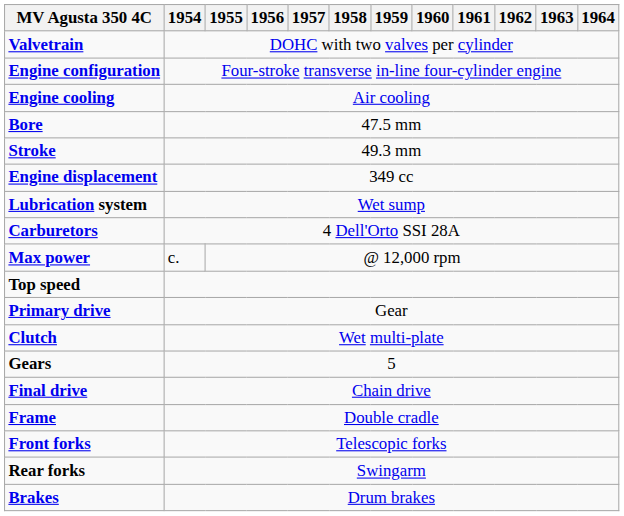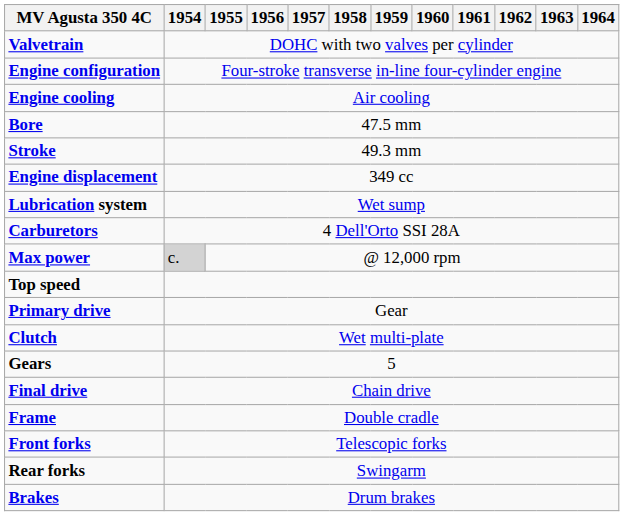 <table class="wikitable">
 <tr>
 <th>MV Agusta 350 4C</th>
 <th>1954</th>
 <th>1955</th>
 <th>1956</th>
 <th>1957</th>
 <th>1958</th>
 <th>1959</th>
 <th>1960</th>
 <th>1961</th>
 <th>1962</th>
 <th>1963</th>
 <th>1964</th>
 </tr>
 <tr>
 <td><strong><a href='#'>Valvetrain</a></strong></td>
 <td colspan="11" align="center"><a href='#'>DOHC</a> with two <a href='#'>valves</a> per <a href='#'>cylinder</a></td>
 </tr>
 <tr>
 <td><strong><a href='#'>Engine configuration</a></strong></td>
 <td colspan="11" align="center"><a href='#'>Four-stroke</a> <a href='#'>transverse</a> <a href='#'>in-line four-cylinder engine</a></td>
 </tr>
 <tr>
 <td><strong><a href='#'>Engine cooling</a></strong></td>
 <td colspan="11" align="center"><a href='#'>Air cooling</a></td>
 </tr>
 <tr>
 <td><strong><a href='#'>Bore</a></strong></td>
 <td colspan="11" align="center">47.5 mm</td>
 </tr>
 <tr>
 <td><strong><a href='#'>Stroke</a></strong></td>
 <td colspan="11" align="center">49.3 mm</td>
 </tr>
 <tr>
 <td><strong><a href='#'>Engine displacement</a></strong></td>
 <td colspan="11" align="center">349 cc</td>
 </tr>
 <tr>
 <td><strong><a href='#'>Lubrication</a> system</strong></td>
 <td colspan="11" align="center"><a href='#'>Wet sump</a></td>
 </tr>
 <tr>
 <td><strong><a href='#'>Carburetors</a></strong></td>
 <td colspan="11" align="center">4 <a href='#'>Dell'Orto</a> SSI 28A</td>
 </tr>
 <tr>
 <td><strong><a href='#'>Max power</a></strong></td>
-<td>c. </td>
+<td style="background: lightgrey;">c. </td>
 <td colspan="10" align="center"> @ 12,000 rpm</td>
 </tr>
 <tr>
 <td><strong>Top speed</strong></td>
 <td colspan="11" align="center"></td>
 </tr>
 <tr>
 <td><strong><a href='#'>Primary drive</a></strong></td>
 <td colspan="11" align="center">Gear</td>
 </tr>
 <tr>
 <td><strong><a href='#'>Clutch</a></strong></td>
 <td colspan="11" align="center"><a href='#'>Wet</a> <a href='#'>multi-plate</a></td>
 </tr>
 <tr>
 <td><strong>Gears</strong></td>
 <td colspan="11" align="center">5</td>
 </tr>
 <tr>
 <td><strong><a href='#'>Final drive</a></strong></td>
 <td colspan="11" align="center"><a href='#'>Chain drive</a></td>
 </tr>
 <tr>
 <td><strong><a href='#'>Frame</a></strong></td>
 <td colspan="11" align="center"><a href='#'>Double cradle</a></td>
 </tr>
 <tr>
 <td><strong><a href='#'>Front forks</a></strong></td>
 <td colspan="11" align="center"><a href='#'>Telescopic forks</a></td>
 </tr>
 <tr>
 <td><strong>Rear forks</strong></td>
 <td colspan="11" align="center"><a href='#'>Swingarm</a></td>
 </tr>
 <tr>
 <td><strong><a href='#'>Brakes</a></strong></td>
 <td colspan="11" align="center"><a href='#'>Drum brakes</a></td>
 </tr>
 </table>
